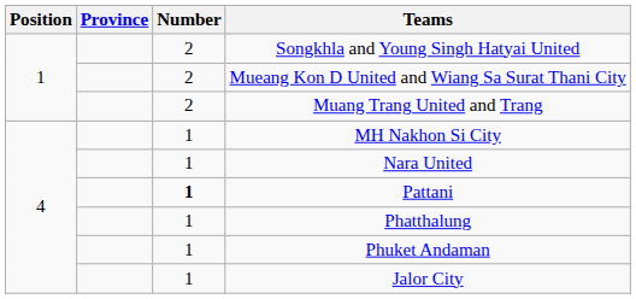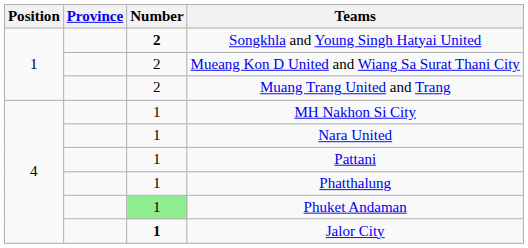 <table class="wikitable">
 <tr>
 <th>Position</th>
 <th><a href='#'>Province</a></th>
 <th>Number</th>
 <th>Teams</th>
 </tr>
 <tr>
 <td align=center rowspan="3">1</td>
 <td></td>
-<td align=center>2</td>
+<td align=center><strong>2</strong></td>
 <td align=center><a href='#'>Songkhla</a> and <a href='#'>Young Singh Hatyai United</a></td>
 </tr>
 <tr>
 <td></td>
 <td align=center>2</td>
 <td align=center><a href='#'>Mueang Kon D United</a> and <a href='#'>Wiang Sa Surat Thani City</a></td>
 </tr>
 <tr>
 <td></td>
 <td align=center>2</td>
 <td align=center><a href='#'>Muang Trang United</a> and <a href='#'>Trang</a></td>
 </tr>
 <tr>
 <td align=center rowspan="7">4</td>
 <td></td>
 <td align=center>1</td>
 <td align=center><a href='#'>MH Nakhon Si City</a></td>
 </tr>
 <tr>
 <td></td>
 <td align=center>1</td>
 <td align=center><a href='#'>Nara United</a></td>
 </tr>
 <tr>
 <td></td>
-<td align=center><strong>1</strong></td>
+<td align=center>1</td>
 <td align=center><a href='#'>Pattani</a></td>
 </tr>
 <tr>
 <td></td>
 <td align=center>1</td>
 <td align=center><a href='#'>Phatthalung</a></td>
 </tr>
 <tr>
 <td></td>
-<td align=center>1</td>
+<td align=center style="background: lightgreen;">1</td>
 <td align=center><a href='#'>Phuket Andaman</a></td>
 </tr>
 <tr>
 <td></td>
-<td align=center>1</td>
+<td align=center><strong>1</strong></td>
 <td align=center><a href='#'>Jalor City</a></td>
 </tr>
 </table>
